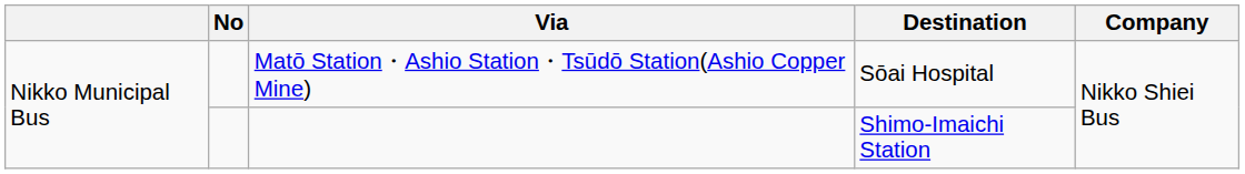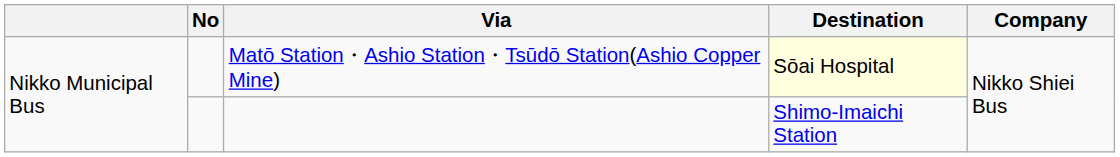 <table class="wikitable">
 <tr>
 <th></th>
 <th>No</th>
 <th>Via</th>
 <th>Destination</th>
 <th>Company</th>
 </tr>
 <tr>
 <td rowspan="2">Nikko Municipal Bus</td>
 <td></td>
 <td><a href='#'>Matō Station</a>・<a href='#'>Ashio Station</a>・<a href='#'>Tsūdō Station</a>(<a href='#'>Ashio Copper Mine</a>)</td>
-<td>Sōai Hospital</td>
+<td style="background: lightyellow;">Sōai Hospital</td>
 <td rowspan="2">Nikko Shiei Bus</td>
 </tr>
 <tr>
 <td></td>
 <td></td>
 <td><a href='#'>Shimo-Imaichi Station</a></td>
 </tr>
 </table>
